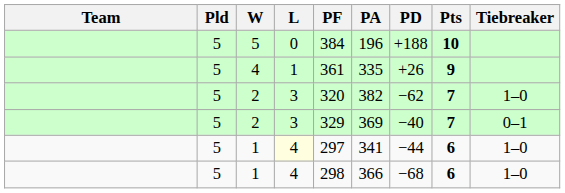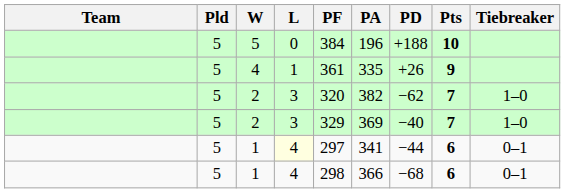 <table class=wikitable style="text-align:center">
 <tr>
 <th width=180>Team</th>
 <th width=30>Pld</th>
 <th width=30>W</th>
 <th width=30>L</th>
 <th width=30>PF</th>
 <th width=30>PA</th>
 <th width=30>PD</th>
 <th width=30>Pts</th>
 <th width=80>Tiebreaker</th>
 </tr>
 <tr bgcolor="#ccffcc">
 <td align=left></td>
 <td>5</td>
 <td>5</td>
 <td>0</td>
 <td>384</td>
 <td>196</td>
 <td>+188</td>
 <td><strong>10</strong></td>
 <td></td>
 </tr>
 <tr bgcolor="#ccffcc">
 <td align=left></td>
 <td>5</td>
 <td>4</td>
 <td>1</td>
 <td>361</td>
 <td>335</td>
 <td>+26</td>
 <td><strong>9</strong></td>
 <td></td>
 </tr>
 <tr bgcolor="#ccffcc">
 <td align=left></td>
 <td>5</td>
 <td>2</td>
 <td>3</td>
 <td>320</td>
 <td>382</td>
 <td>−62</td>
 <td><strong>7</strong></td>
 <td>1–0</td>
 </tr>
 <tr bgcolor="#ccffcc">
 <td align=left></td>
 <td>5</td>
 <td>2</td>
 <td>3</td>
 <td>329</td>
 <td>369</td>
 <td>−40</td>
 <td><strong>7</strong></td>
-<td>0–1</td>
+<td>1–0</td>
 </tr>
 <tr>
 <td align=left></td>
 <td>5</td>
 <td>1</td>
 <td style="background: lightyellow;">4</td>
 <td>297</td>
 <td>341</td>
 <td>−44</td>
 <td><strong>6</strong></td>
-<td>1–0</td>
+<td>0–1</td>
 </tr>
 <tr>
 <td align=left></td>
 <td>5</td>
 <td>1</td>
 <td>4</td>
 <td>298</td>
 <td>366</td>
 <td>−68</td>
 <td><strong>6</strong></td>
-<td>1–0</td>
+<td>0–1</td>
 </tr>
 </table>
